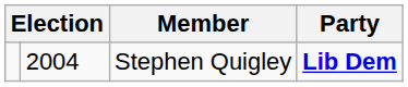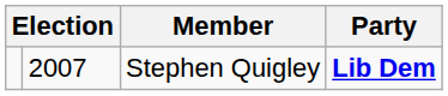 <table class="wikitable">
 <tr>
 <th colspan="2">Election</th>
 <th>Member</th>
 <th>Party</th>
 </tr>
 <tr>
 <td style="background-color: "></td>
-<td>2004</td>
+<td>2007</td>
 <td>Stephen Quigley</td>
 <td><strong><a href='#'>Lib Dem</a></strong></td>
 </tr>
 </table>
